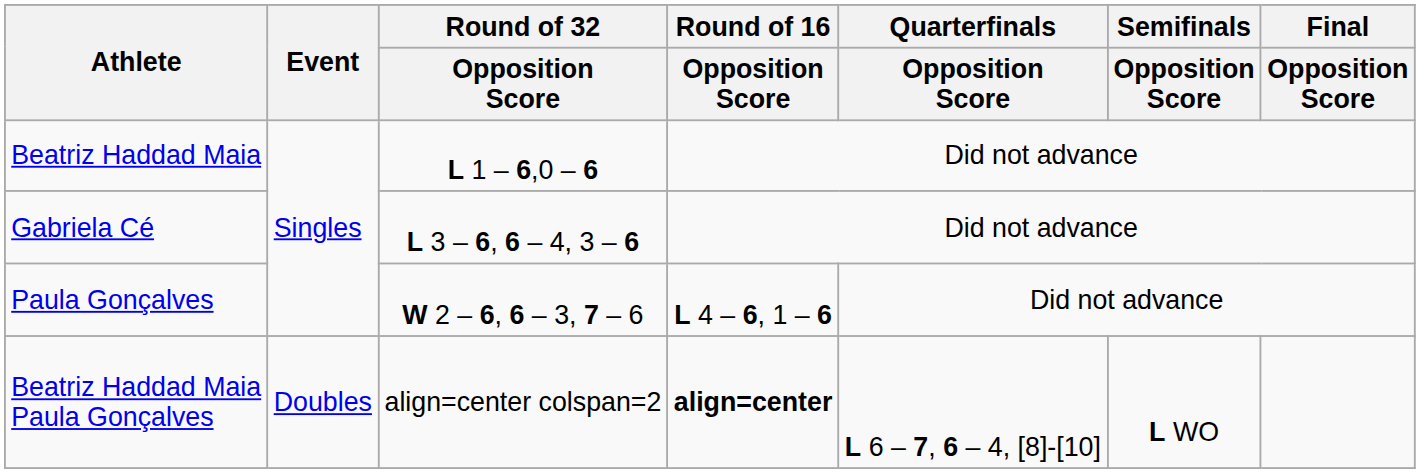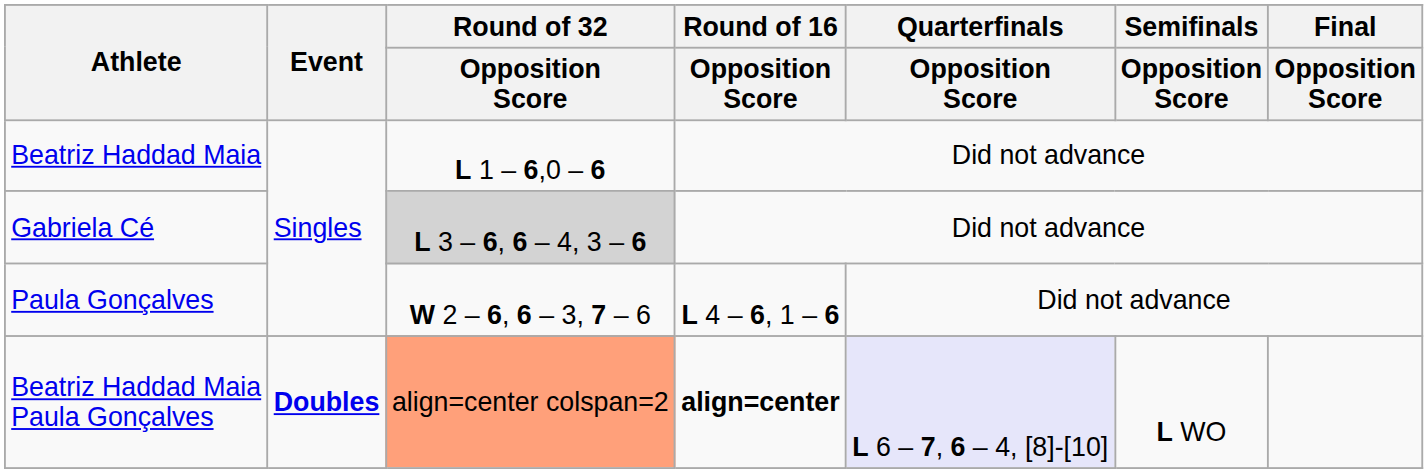 <table class="wikitable" style="font-size:90%">
 <tr>
 <th rowspan=2>Athlete</th>
 <th rowspan=2>Event</th>
 <th>Round of 32</th>
 <th>Round of 16</th>
 <th>Quarterfinals</th>
 <th>Semifinals</th>
 <th colspan=2>Final</th>
 </tr>
 <tr>
 <th>Opposition<br>Score</th>
 <th>Opposition<br>Score</th>
 <th>Opposition<br>Score</th>
 <th>Opposition<br>Score</th>
 <th>Opposition<br>Score</th>
 </tr>
 <tr>
 <td><a href='#'>Beatriz Haddad Maia</a></td>
 <td rowspan=3><a href='#'>Singles</a></td>
 <td align=center><br><strong>L</strong> 1 – <strong>6</strong>,0 – <strong>6</strong></td>
 <td align=center colspan=4>Did not advance</td>
 </tr>
 <tr>
 <td><a href='#'>Gabriela Cé</a></td>
-<td align=center><br><strong>L</strong> 3 – <strong>6</strong>, <strong>6</strong> – 4, 3 – <strong>6</strong></td>
+<td align=center style="background: lightgrey;"><br><strong>L</strong> 3 – <strong>6</strong>, <strong>6</strong> – 4, 3 – <strong>6</strong></td>
 <td align=center colspan=4>Did not advance</td>
 </tr>
 <tr>
 <td><a href='#'>Paula Gonçalves</a></td>
 <td align=center><br><strong>W</strong> 2 – <strong>6</strong>, <strong>6</strong> – 3, <strong>7</strong> – 6</td>
 <td align=center><br><strong>L</strong> 4 – <strong>6</strong>, 1 – <strong>6</strong></td>
 <td align=center colspan=4>Did not advance</td>
 </tr>
 <tr>
 <td><a href='#'>Beatriz Haddad Maia</a><br><a href='#'>Paula Gonçalves</a></td>
-<td><a href='#'>Doubles</a></td>
-<td>align=center colspan=2 </td>
+<td><strong><a href='#'>Doubles</a></strong></td>
+<td style="background: lightsalmon;">align=center colspan=2 </td>
 <td><strong>align=center </strong></td>
-<td><br><br><br><strong>L</strong> 6 – <strong>7</strong>, <strong>6</strong> – 4, [8]-[10]</td>
+<td style="background: lavender;"><br><br><br><strong>L</strong> 6 – <strong>7</strong>, <strong>6</strong> – 4, [8]-[10]</td>
 <td align=center><br><br> <strong>L</strong> WO</td>
 </tr>
 </table>
